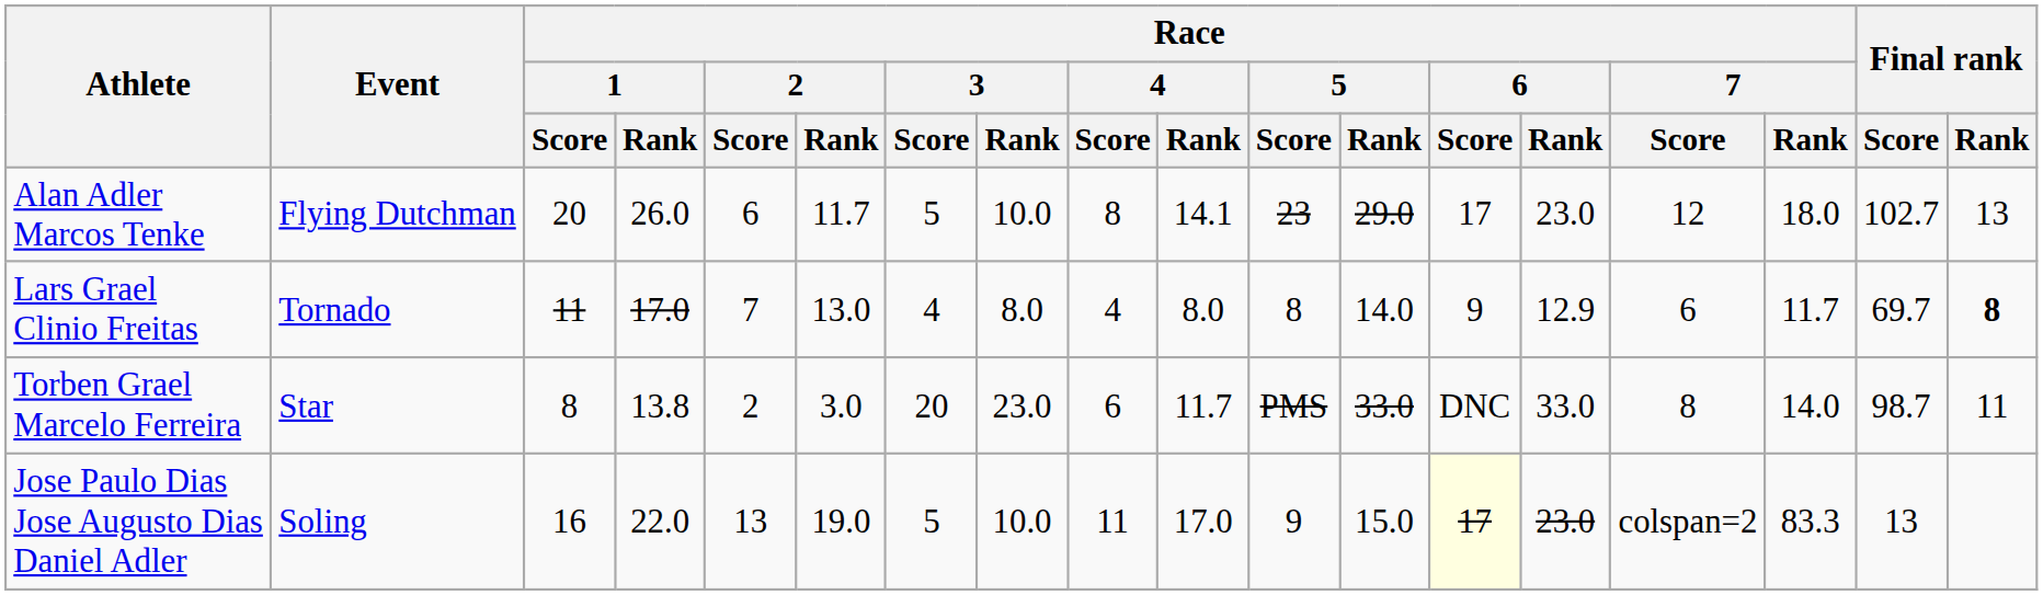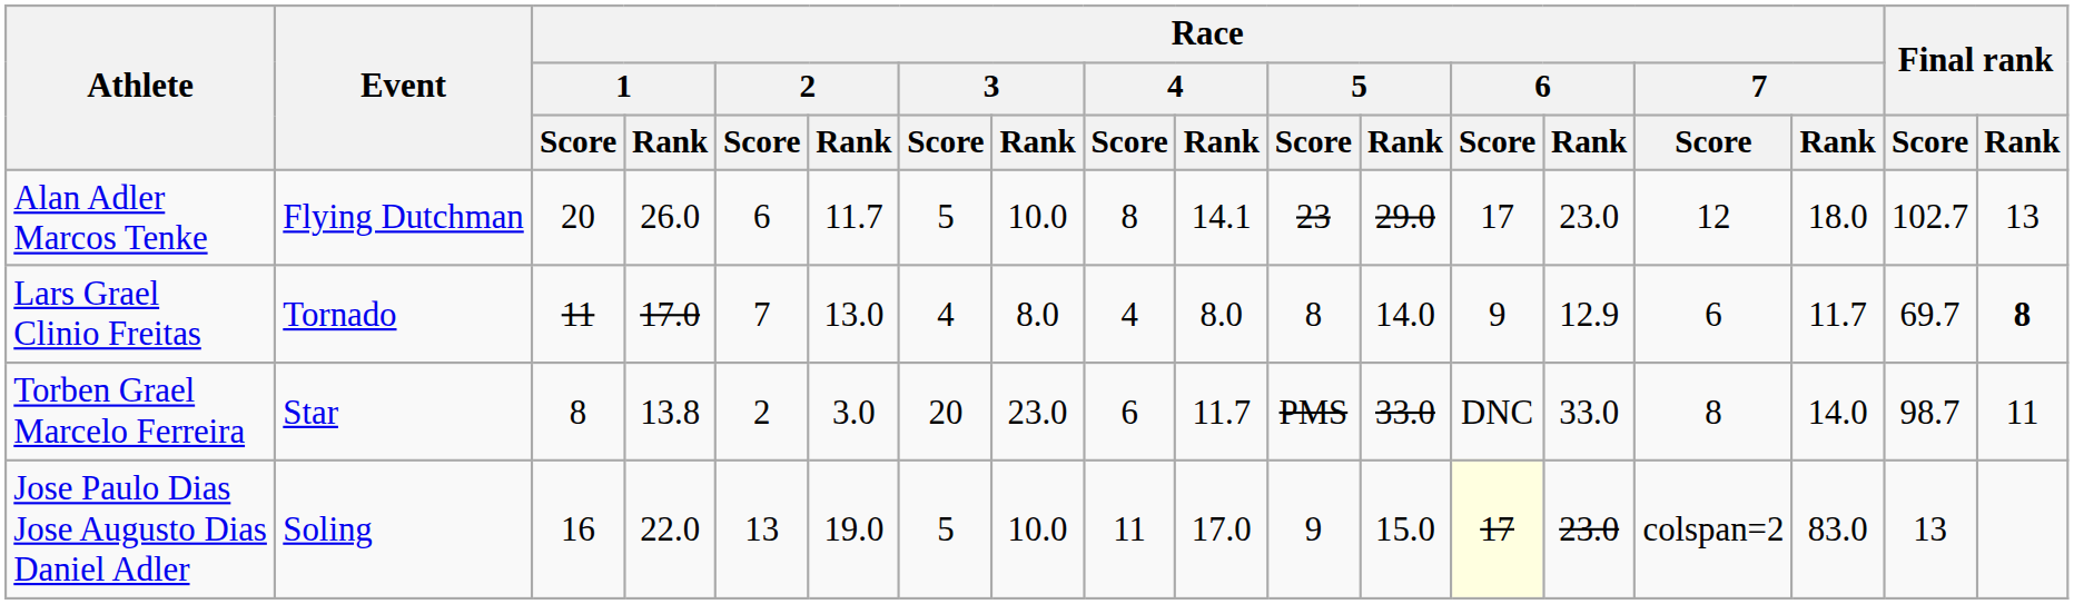 <table class="wikitable" style="font-size:90%">
 <tr>
 <th rowspan="3">Athlete</th>
 <th rowspan="3">Event</th>
 <th colspan="14">Race</th>
 <th rowspan=2 colspan="2">Final rank</th>
 </tr>
 <tr style="font-size:95%">
 <th colspan="2">1</th>
 <th colspan="2">2</th>
 <th colspan="2">3</th>
 <th colspan="2">4</th>
 <th colspan="2">5</th>
 <th colspan="2">6</th>
 <th colspan="2">7</th>
 </tr>
 <tr style="font-size:95%">
 <th>Score</th>
 <th>Rank</th>
 <th>Score</th>
 <th>Rank</th>
 <th>Score</th>
 <th>Rank</th>
 <th>Score</th>
 <th>Rank</th>
 <th>Score</th>
 <th>Rank</th>
 <th>Score</th>
 <th>Rank</th>
 <th>Score</th>
 <th>Rank</th>
 <th>Score</th>
 <th>Rank</th>
 </tr>
 <tr align=center>
 <td align=left><a href='#'>Alan Adler</a><br><a href='#'>Marcos Tenke</a></td>
 <td align=left><a href='#'>Flying Dutchman</a></td>
 <td>20</td>
 <td>26.0</td>
 <td>6</td>
 <td>11.7</td>
 <td>5</td>
 <td>10.0</td>
 <td>8</td>
 <td>14.1</td>
 <td><s>23</s></td>
 <td><s>29.0</s></td>
 <td>17</td>
 <td>23.0</td>
 <td>12</td>
 <td>18.0</td>
 <td>102.7</td>
 <td>13</td>
 </tr>
 <tr align=center>
 <td align=left><a href='#'>Lars Grael</a><br><a href='#'>Clinio Freitas</a></td>
 <td align=left><a href='#'>Tornado</a></td>
 <td><s>11</s></td>
 <td><s>17.0</s></td>
 <td>7</td>
 <td>13.0</td>
 <td>4</td>
 <td>8.0</td>
 <td>4</td>
 <td>8.0</td>
 <td>8</td>
 <td>14.0</td>
 <td>9</td>
 <td>12.9</td>
 <td>6</td>
 <td>11.7</td>
 <td>69.7</td>
 <td><strong>8</strong></td>
 </tr>
 <tr align=center>
 <td align=left><a href='#'>Torben Grael</a><br><a href='#'>Marcelo Ferreira</a></td>
 <td align=left><a href='#'>Star</a></td>
 <td>8</td>
 <td>13.8</td>
 <td>2</td>
 <td>3.0</td>
 <td>20</td>
 <td>23.0</td>
 <td>6</td>
 <td>11.7</td>
 <td><s>PMS</s></td>
 <td><s>33.0</s></td>
 <td>DNC</td>
 <td>33.0</td>
 <td>8</td>
 <td>14.0</td>
 <td>98.7</td>
 <td>11</td>
 </tr>
 <tr align=center>
 <td align=left><a href='#'>Jose Paulo Dias</a><br><a href='#'>Jose Augusto Dias</a><br><a href='#'>Daniel Adler</a></td>
 <td align=left><a href='#'>Soling</a></td>
 <td>16</td>
 <td>22.0</td>
 <td>13</td>
 <td>19.0</td>
 <td>5</td>
 <td>10.0</td>
 <td>11</td>
 <td>17.0</td>
 <td>9</td>
 <td>15.0</td>
 <td style="background: lightyellow;"><s>17</s></td>
 <td><s>23.0</s></td>
 <td>colspan=2 </td>
-<td>83.3</td>
+<td>83.0</td>
 <td>13</td>
 </tr>
 </table>
